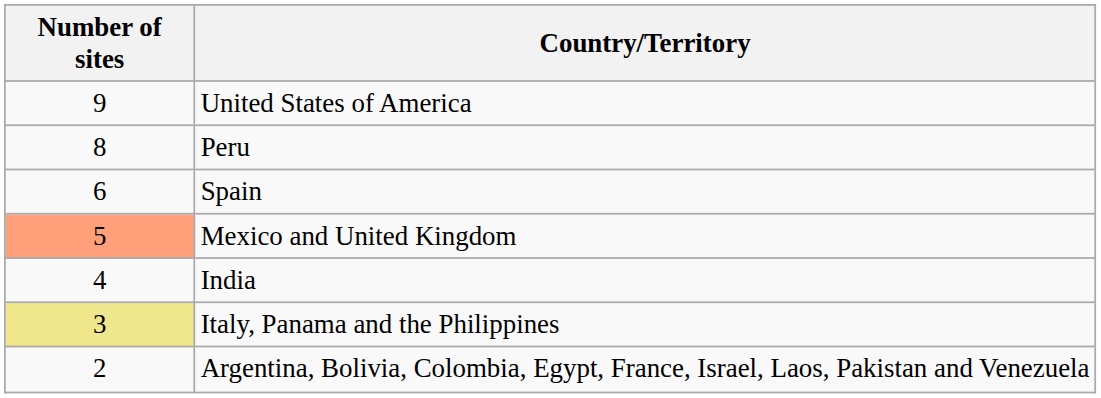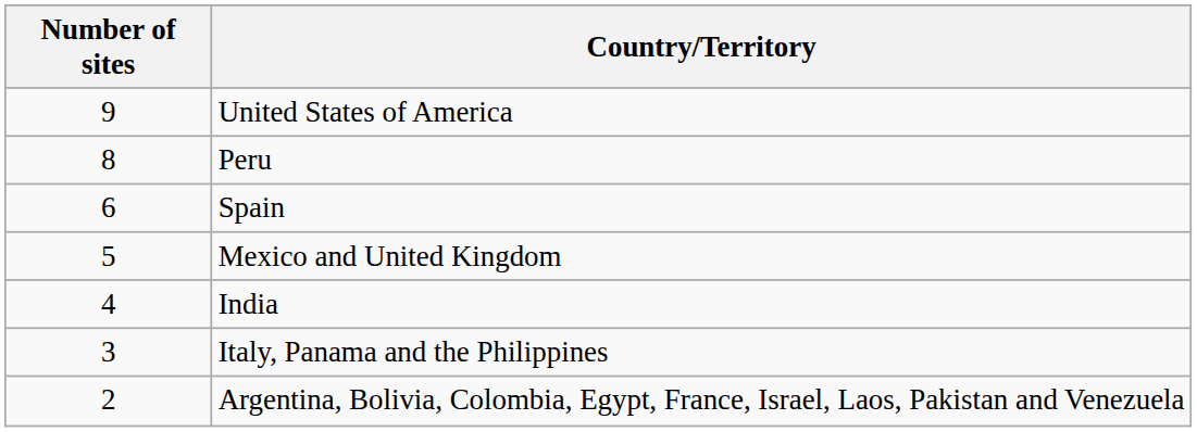 <table class="wikitable sortable" style="font-size: 95%;">
 <tr>
 <th width="100">Number of sites</th>
 <th>Country/Territory</th>
 </tr>
 <tr>
 <td align="center">9</td>
 <td>United States of America</td>
 </tr>
 <tr>
 <td align="center">8</td>
 <td>Peru</td>
 </tr>
 <tr>
 <td align="center">6</td>
 <td>Spain</td>
 </tr>
 <tr>
-<td align="center" style="background: lightsalmon;">5</td>
+<td align="center">5</td>
 <td>Mexico and United Kingdom</td>
 </tr>
 <tr>
 <td align="center">4</td>
 <td>India</td>
 </tr>
 <tr>
-<td align="center" style="background: khaki;">3</td>
+<td align="center">3</td>
 <td>Italy, Panama and the Philippines</td>
 </tr>
 <tr>
 <td align="center">2</td>
 <td>Argentina, Bolivia, Colombia, Egypt, France, Israel, Laos, Pakistan and Venezuela</td>
 </tr>
 </table>
